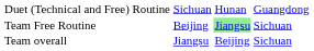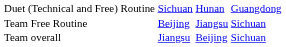 <table>
 <tr>
 <td>Duet (Technical and Free) Routine</td>
 <td><a href='#'>Sichuan</a></td>
 <td><a href='#'>Hunan</a></td>
 <td><a href='#'>Guangdong</a></td>
 </tr>
 <tr>
 <td>Team Free Routine</td>
 <td><a href='#'>Beijing</a></td>
-<td style="background: lightgreen;"><a href='#'>Jiangsu</a></td>
+<td><a href='#'>Jiangsu</a></td>
 <td><a href='#'>Sichuan</a></td>
 </tr>
 <tr>
 <td>Team overall</td>
 <td><a href='#'>Jiangsu</a></td>
 <td><a href='#'>Beijing</a></td>
 <td><a href='#'>Sichuan</a></td>
 </tr>
 </table>
